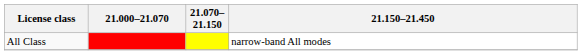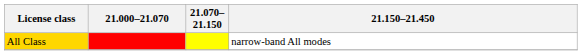 <table class="wikitable">
 <tr>
 <th width=120px>License class</th>
 <th width= 140px>21.000–21.070</th>
 <th width= 58px>21.070–21.150</th>
 <th width= 520px>21.150–21.450</th>
 </tr>
 <tr>
-<td>All Class</td>
+<td style="background: gold;">All Class</td>
 <td style="background-color: red"></td>
 <td style="background-color: yellow"></td>
 <td style="background-color: white">narrow-band All modes</td>
 </tr>
 <tr>
 </tr>
 </table>
